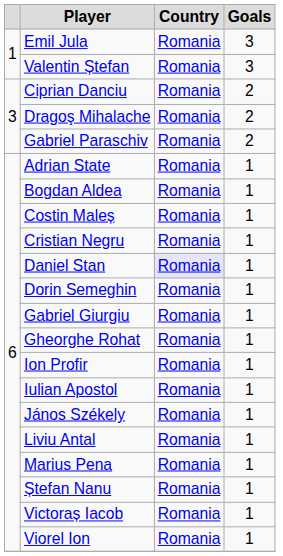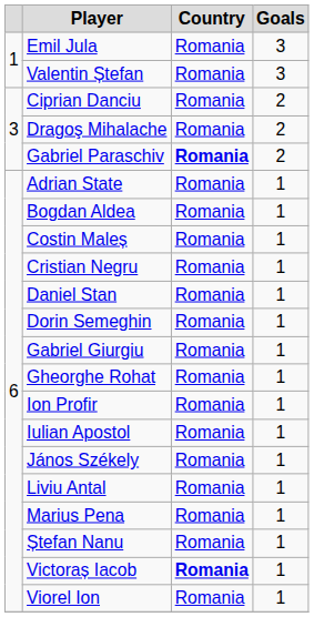 <table class="wikitable" style="text-align: center;">
 <tr>
 <th style="background:#DCDCDC"></th>
 <th style="background:#DCDCDC">Player</th>
 <th style="background:#DCDCDC">Country</th>
 <th width="35" style="background:#DCDCDC">Goals</th>
 </tr>
 <tr>
 <td rowspan=2 align=left>1</td>
 <td align=left><a href='#'>Emil Jula</a></td>
 <td align=left> <a href='#'>Romania</a></td>
 <td align=center>3</td>
 </tr>
 <tr>
 <td align=left><a href='#'>Valentin Ștefan</a></td>
 <td align=left> <a href='#'>Romania</a></td>
 <td align=center>3</td>
 </tr>
 <tr>
 <td rowspan=3 align=left>3</td>
 <td align=left><a href='#'>Ciprian Danciu</a></td>
 <td align=left> <a href='#'>Romania</a></td>
 <td align=center>2</td>
 </tr>
 <tr>
 <td align=left><a href='#'>Dragoş Mihalache</a></td>
 <td align=left> <a href='#'>Romania</a></td>
 <td align=center>2</td>
 </tr>
 <tr>
 <td align=left><a href='#'>Gabriel Paraschiv</a></td>
-<td align=left> <a href='#'>Romania</a></td>
+<td align=left><strong> <a href='#'>Romania</a></strong></td>
 <td align=center>2</td>
 </tr>
 <tr>
 <td rowspan=16 align=left>6</td>
 <td align=left><a href='#'>Adrian State</a></td>
 <td align=left> <a href='#'>Romania</a></td>
 <td align=center>1</td>
 </tr>
 <tr>
 <td align=left><a href='#'>Bogdan Aldea</a></td>
 <td align=left> <a href='#'>Romania</a></td>
 <td align=center>1</td>
 </tr>
 <tr>
 <td align=left><a href='#'>Costin Maleș</a></td>
 <td align=left> <a href='#'>Romania</a></td>
 <td align=center>1</td>
 </tr>
 <tr>
 <td align=left><a href='#'>Cristian Negru</a></td>
 <td align=left> <a href='#'>Romania</a></td>
 <td align=center>1</td>
 </tr>
 <tr>
 <td align=left><a href='#'>Daniel Stan</a></td>
-<td align=left style="background: lavender;"> <a href='#'>Romania</a></td>
+<td align=left> <a href='#'>Romania</a></td>
 <td align=center>1</td>
 </tr>
 <tr>
 <td align=left><a href='#'>Dorin Semeghin</a></td>
 <td align=left> <a href='#'>Romania</a></td>
 <td align=center>1</td>
 </tr>
 <tr>
 <td align=left><a href='#'>Gabriel Giurgiu</a></td>
 <td align=left> <a href='#'>Romania</a></td>
 <td align=center>1</td>
 </tr>
 <tr>
 <td align=left><a href='#'>Gheorghe Rohat</a></td>
 <td align=left> <a href='#'>Romania</a></td>
 <td align=center>1</td>
 </tr>
 <tr>
 <td align=left><a href='#'>Ion Profir</a></td>
 <td align=left> <a href='#'>Romania</a></td>
 <td align=center>1</td>
 </tr>
 <tr>
 <td align=left><a href='#'>Iulian Apostol</a></td>
 <td align=left> <a href='#'>Romania</a></td>
 <td align=center>1</td>
 </tr>
 <tr>
 <td align=left><a href='#'>János Székely</a></td>
 <td align=left> <a href='#'>Romania</a></td>
 <td align=center>1</td>
 </tr>
 <tr>
 <td align=left><a href='#'>Liviu Antal</a></td>
 <td align=left> <a href='#'>Romania</a></td>
 <td align=center>1</td>
 </tr>
 <tr>
 <td align=left><a href='#'>Marius Pena</a></td>
 <td align=left> <a href='#'>Romania</a></td>
 <td align=center>1</td>
 </tr>
 <tr>
 <td align=left><a href='#'>Ștefan Nanu</a></td>
 <td align=left> <a href='#'>Romania</a></td>
 <td align=center>1</td>
 </tr>
 <tr>
 <td align=left><a href='#'>Victoraș Iacob</a></td>
-<td align=left> <a href='#'>Romania</a></td>
+<td align=left><strong> <a href='#'>Romania</a></strong></td>
 <td align=center>1</td>
 </tr>
 <tr>
 <td align=left><a href='#'>Viorel Ion</a></td>
 <td align=left> <a href='#'>Romania</a></td>
 <td align=center>1</td>
 </tr>
 <tr>
 </tr>
 </table>
